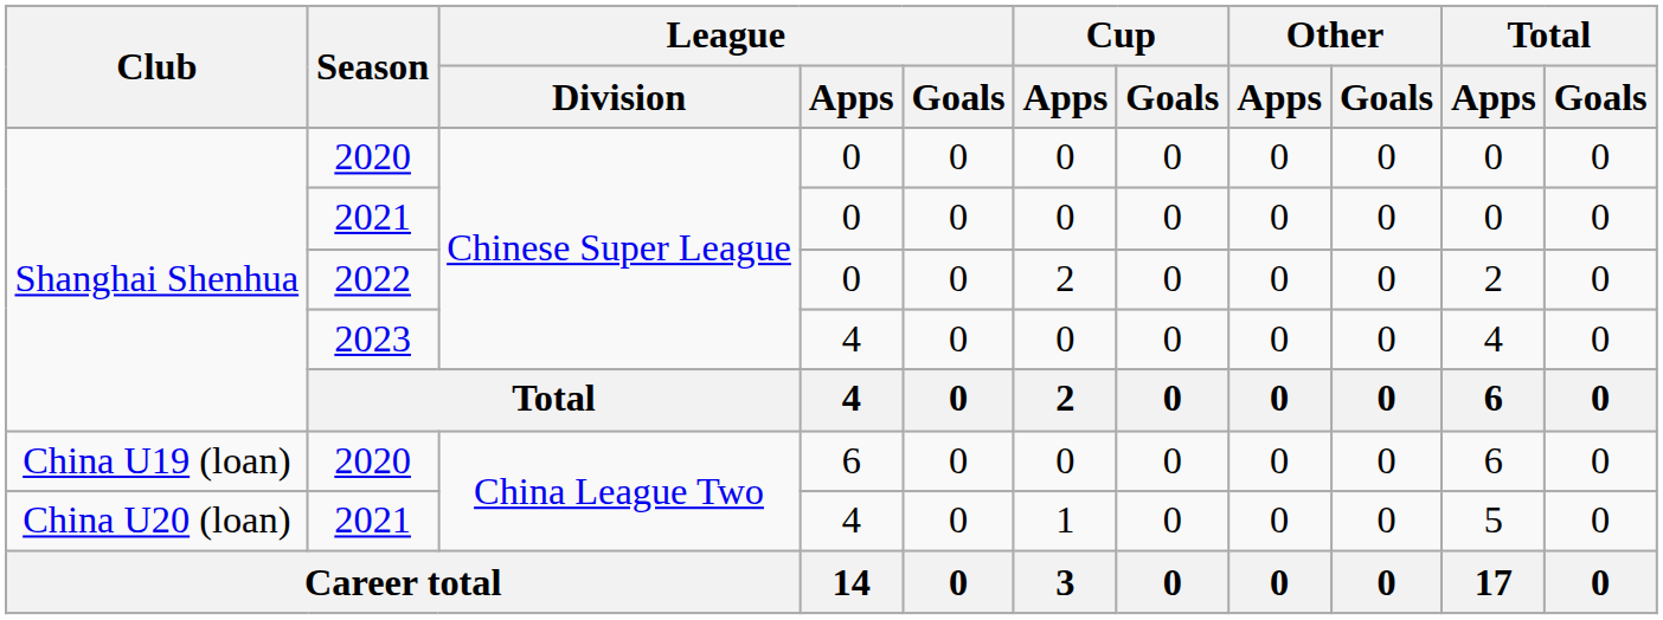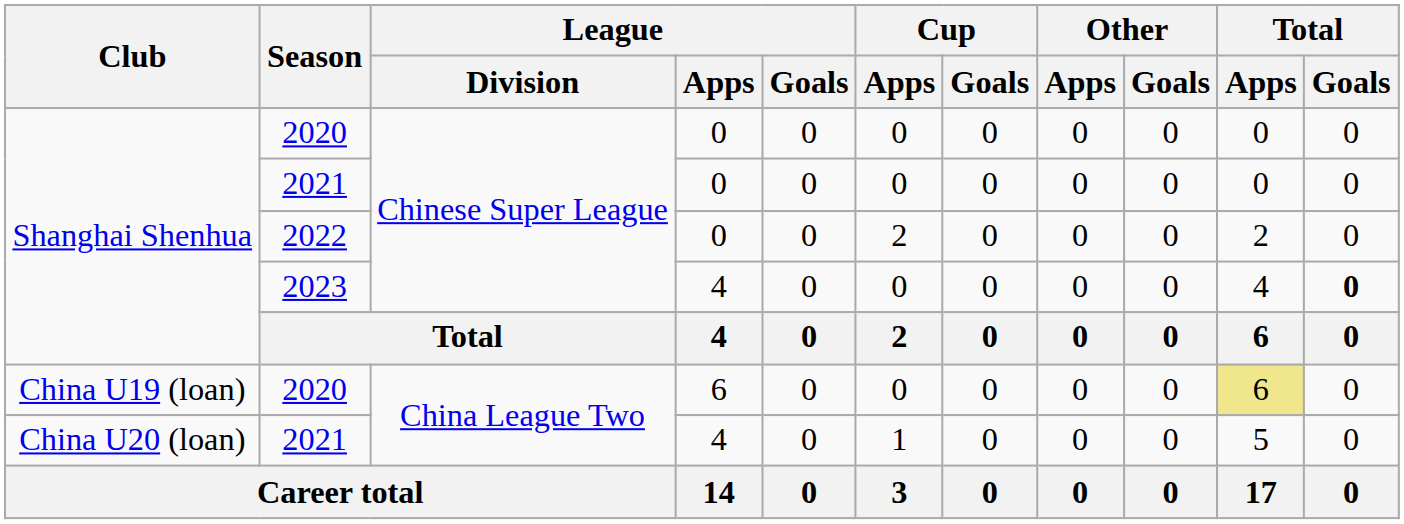 <table class="wikitable" style="text-align: center">
 <tr>
 <th rowspan="2">Club</th>
 <th rowspan="2">Season</th>
 <th colspan="3">League</th>
 <th colspan="2">Cup</th>
 <th colspan="2">Other</th>
 <th colspan="2">Total</th>
 </tr>
 <tr>
 <th>Division</th>
 <th>Apps</th>
 <th>Goals</th>
 <th>Apps</th>
 <th>Goals</th>
 <th>Apps</th>
 <th>Goals</th>
 <th>Apps</th>
 <th>Goals</th>
 </tr>
 <tr>
 <td rowspan="5"><a href='#'>Shanghai Shenhua</a></td>
 <td><a href='#'>2020</a></td>
 <td rowspan="4"><a href='#'>Chinese Super League</a></td>
 <td>0</td>
 <td>0</td>
 <td>0</td>
 <td>0</td>
 <td>0</td>
 <td>0</td>
 <td>0</td>
 <td>0</td>
 </tr>
 <tr>
 <td><a href='#'>2021</a></td>
 <td>0</td>
 <td>0</td>
 <td>0</td>
 <td>0</td>
 <td>0</td>
 <td>0</td>
 <td>0</td>
 <td>0</td>
 </tr>
 <tr>
 <td><a href='#'>2022</a></td>
 <td>0</td>
 <td>0</td>
 <td>2</td>
 <td>0</td>
 <td>0</td>
 <td>0</td>
 <td>2</td>
 <td>0</td>
 </tr>
 <tr>
 <td><a href='#'>2023</a></td>
 <td>4</td>
 <td>0</td>
 <td>0</td>
 <td>0</td>
 <td>0</td>
 <td>0</td>
 <td>4</td>
-<td>0</td>
+<td><strong>0</strong></td>
 </tr>
 <tr>
 <th colspan=2>Total</th>
 <th>4</th>
 <th>0</th>
 <th>2</th>
 <th>0</th>
 <th>0</th>
 <th>0</th>
 <th>6</th>
 <th>0</th>
 </tr>
 <tr>
 <td><a href='#'>China U19</a> (loan)</td>
 <td><a href='#'>2020</a></td>
 <td rowspan="2"><a href='#'>China League Two</a></td>
 <td>6</td>
 <td>0</td>
 <td>0</td>
 <td>0</td>
 <td>0</td>
 <td>0</td>
-<td>6</td>
+<td style="background: khaki;">6</td>
 <td>0</td>
 </tr>
 <tr>
 <td><a href='#'>China U20</a> (loan)</td>
 <td><a href='#'>2021</a></td>
 <td>4</td>
 <td>0</td>
 <td>1</td>
 <td>0</td>
 <td>0</td>
 <td>0</td>
 <td>5</td>
 <td>0</td>
 </tr>
 <tr>
 <th colspan=3>Career total</th>
 <th>14</th>
 <th>0</th>
 <th>3</th>
 <th>0</th>
 <th>0</th>
 <th>0</th>
 <th>17</th>
 <th>0</th>
 </tr>
 </table>
